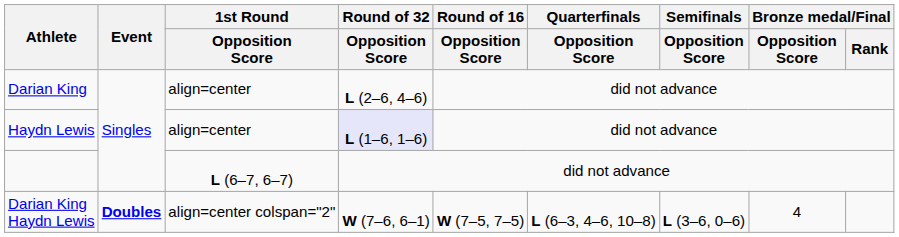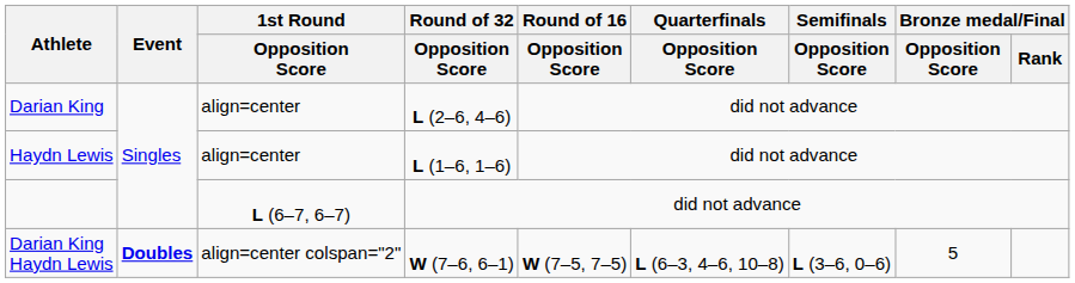 <table class="wikitable" border="1" style="font-size:90%">
 <tr>
 <th rowspan=2>Athlete</th>
 <th rowspan=2>Event</th>
 <th>1st Round</th>
 <th>Round of 32</th>
 <th>Round of 16</th>
 <th>Quarterfinals</th>
 <th>Semifinals</th>
 <th colspan=2>Bronze medal/Final</th>
 </tr>
 <tr>
 <th>Opposition<br>Score</th>
 <th>Opposition<br>Score</th>
 <th>Opposition<br>Score</th>
 <th>Opposition<br>Score</th>
 <th>Opposition<br>Score</th>
 <th>Opposition<br>Score</th>
 <th>Rank</th>
 </tr>
 <tr>
 <td><a href='#'>Darian King</a></td>
 <td rowspan="3"><a href='#'>Singles</a></td>
 <td>align=center </td>
 <td align=center><br><strong>L</strong> (2–6, 4–6)</td>
 <td align=center colspan="5">did not advance</td>
 </tr>
 <tr>
 <td><a href='#'>Haydn Lewis</a></td>
 <td>align=center </td>
-<td align=center style="background: lavender;"><br><strong>L</strong> (1–6, 1–6)</td>
+<td align=center><br><strong>L</strong> (1–6, 1–6)</td>
 <td align=center colspan="5">did not advance</td>
 </tr>
 <tr>
 <td></td>
 <td align=center><br><strong>L</strong> (6–7, 6–7)</td>
 <td align=center colspan="6">did not advance</td>
 </tr>
 <tr>
 <td><a href='#'>Darian King</a><br><a href='#'>Haydn Lewis</a></td>
 <td><strong><a href='#'>Doubles</a></strong></td>
 <td>align=center colspan="2" </td>
 <td align=center><br><strong>W</strong> (7–6, 6–1)</td>
 <td align=center><br><strong>W</strong> (7–5, 7–5)</td>
 <td align=center><br><strong>L</strong> (6–3, 4–6, 10–8)</td>
 <td align=center><br><strong>L</strong> (3–6, 0–6)</td>
-<td align=center>4</td>
+<td align=center>5</td>
 </tr>
 </table>
